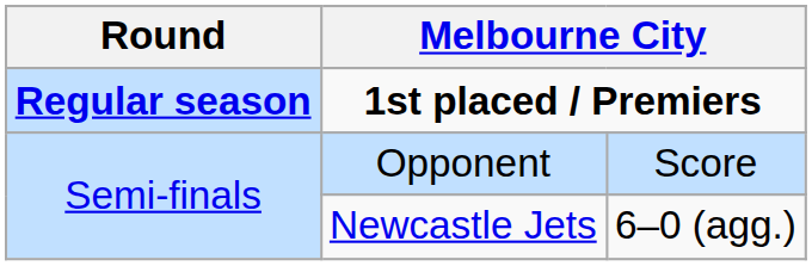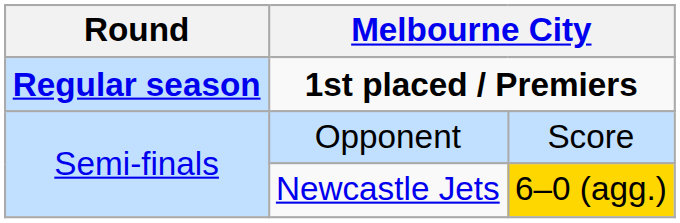 <table class="wikitable" style="text-align:center">
 <tr>
 <th>Round</th>
 <th colspan="4"><a href='#'>Melbourne City</a></th>
 </tr>
 <tr>
 <td style="background:#c1e0ff"><strong><a href='#'>Regular season</a></strong></td>
 <td colspan="4" valign="top"><strong>1st placed / Premiers</strong> </td>
 </tr>
 <tr style="background:#c1e0ff">
 <td rowspan=2><a href='#'>Semi-finals</a></td>
 <td>Opponent</td>
 <td colspan="3">Score</td>
 </tr>
 <tr>
 <td><a href='#'>Newcastle Jets</a></td>
-<td>6–0 (agg.)</td>
+<td style="background: gold;">6–0 (agg.)</td>
 </tr>
 </table>
